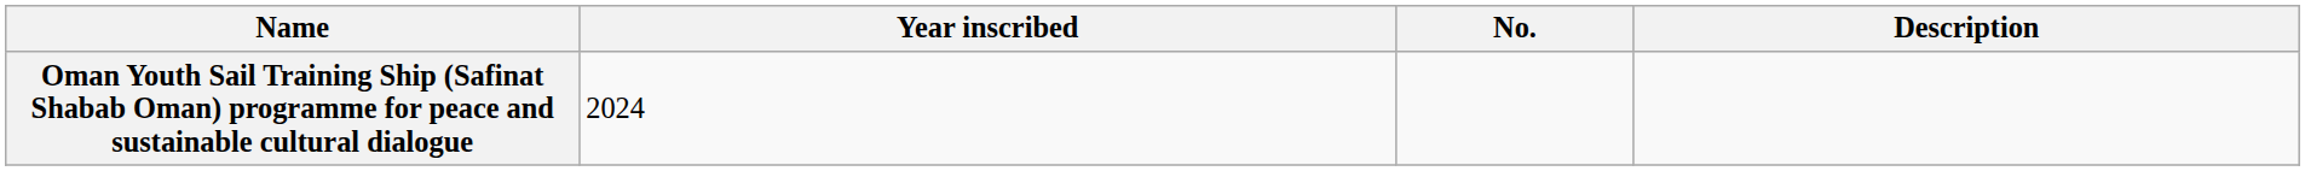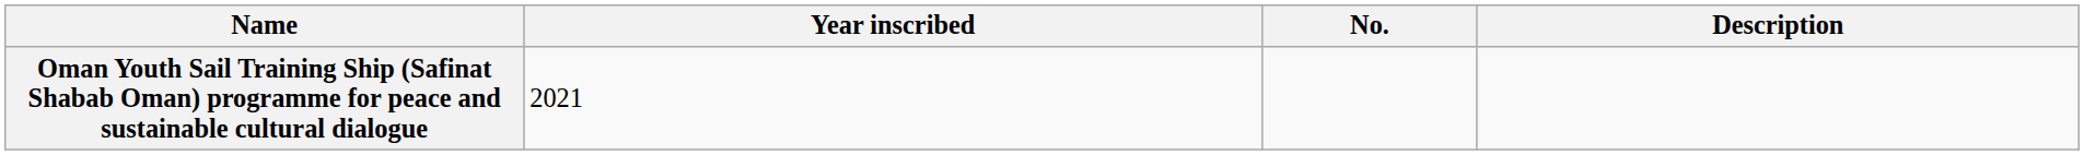 <table class="wikitable sortable plainrowheaders">
 <tr>
 <th style="width:25%">Name</th>
 <th>Year inscribed</th>
 <th>No.</th>
 <th class="unsortable">Description</th>
 </tr>
 <tr>
 <th scope="row">Oman Youth Sail Training Ship (Safinat Shabab Oman) programme for peace and sustainable cultural dialogue</th>
-<td>2024</td>
+<td>2021</td>
 <td></td>
 <td></td>
 </tr>
 </table>
